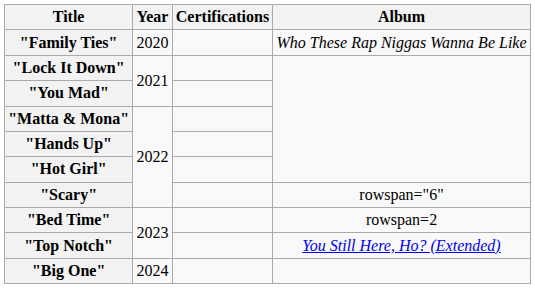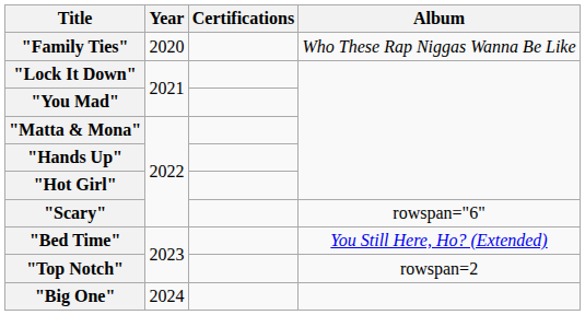 <table class="wikitable plainrowheaders" style="text-align:center;">
 <tr>
 <th scope=col>Title</th>
 <th scope=col>Year</th>
 <th scope=col>Certifications</th>
 <th scope=col>Album</th>
 </tr>
 <tr>
 <th scope=row>"Family Ties"<br></th>
 <td>2020</td>
 <td></td>
 <td><em>Who These Rap Niggas Wanna Be Like</em></td>
 </tr>
 <tr>
 <th scope=row>"Lock It Down"<br></th>
 <td rowspan="2">2021</td>
 <td></td>
 </tr>
 <tr>
 <th scope=row>"You Mad"<br></th>
 <td></td>
 </tr>
 <tr>
 <th scope=row>"Matta & Mona"<br></th>
 <td rowspan="4">2022</td>
 <td></td>
 </tr>
 <tr>
 <th scope=row>"Hands Up"<br></th>
 <td></td>
 </tr>
 <tr>
 <th scope=row>"Hot Girl"<br></th>
 <td></td>
 </tr>
 <tr>
 <th scope=row>"Scary"<br></th>
 <td></td>
 <td>rowspan="6" </td>
 </tr>
 <tr>
 <th scope=row>"Bed Time"<br></th>
 <td rowspan=2>2023</td>
 <td></td>
-<td>rowspan=2 </td>
+<td><a href='#'><em>You Still Here, Ho? (Extended)</em></a></td>
 </tr>
 <tr>
 <th scope=row>"Top Notch"<br></th>
 <td></td>
-<td><a href='#'><em>You Still Here, Ho? (Extended)</em></a></td>
+<td>rowspan=2 </td>
 </tr>
 <tr>
 <th scope=row>"Big One"<br></th>
 <td>2024</td>
 <td></td>
 </tr>
 </table>
